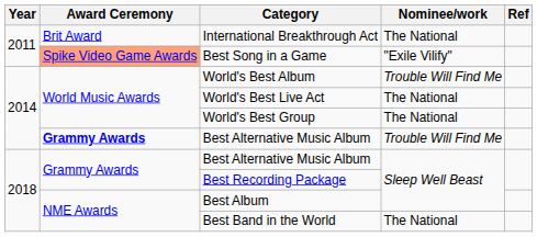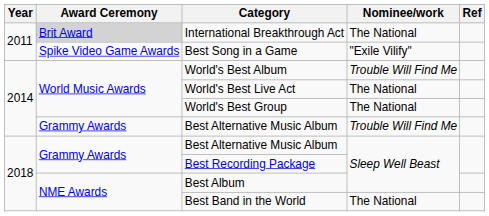 <table class="wikitable">
 <tr>
 <th scope="col">Year</th>
 <th scope="col">Award Ceremony</th>
 <th>Category</th>
 <th scope="col">Nominee/work</th>
 <th scope="col">Ref</th>
 </tr>
 <tr>
 <td rowspan="2">2011</td>
-<td><a href='#'>Brit Award</a></td>
+<td style="background: lightgrey;"><a href='#'>Brit Award</a></td>
 <td>International Breakthrough Act</td>
 <td>The National</td>
 <td style="text-align:center;"></td>
 </tr>
 <tr>
-<td style="background: lightsalmon;"><a href='#'>Spike Video Game Awards</a></td>
+<td><a href='#'>Spike Video Game Awards</a></td>
 <td>Best Song in a Game</td>
 <td>"Exile Vilify"</td>
 <td style="text-align:center;"></td>
 </tr>
 <tr>
 <td rowspan="4">2014</td>
 <td rowspan="3"><a href='#'>World Music Awards</a></td>
 <td>World's Best Album</td>
 <td><em>Trouble Will Find Me</em></td>
 <td style="text-align:center;"></td>
 </tr>
 <tr>
 <td>World's Best Live Act</td>
 <td>The National</td>
 <td style="text-align:center;"></td>
 </tr>
 <tr>
 <td>World's Best Group</td>
 <td>The National</td>
 <td style="text-align:center;"></td>
 </tr>
 <tr>
-<td><strong><a href='#'>Grammy Awards</a></strong></td>
+<td><a href='#'>Grammy Awards</a></td>
 <td>Best Alternative Music Album</td>
 <td><em>Trouble Will Find Me</em></td>
 <td style="text-align:center;"></td>
 </tr>
 <tr>
 <td rowspan="4">2018</td>
 <td rowspan="2"><a href='#'>Grammy Awards</a></td>
 <td>Best Alternative Music Album</td>
 <td rowspan="3"><em>Sleep Well Beast</em></td>
 <td rowspan="2"></td>
 </tr>
 <tr>
 <td><a href='#'>Best Recording Package</a></td>
 </tr>
 <tr>
 <td rowspan="2"><a href='#'>NME Awards</a></td>
 <td>Best Album</td>
 <td style="text-align:center;"></td>
 </tr>
 <tr>
 <td>Best Band in the World</td>
 <td>The National</td>
 <td style="text-align:center;"></td>
 </tr>
 </table>
